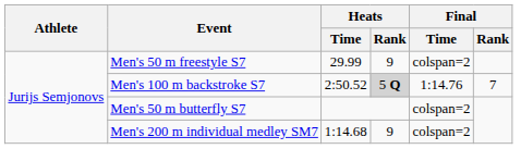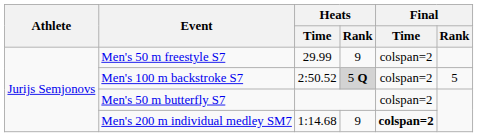 <table class=wikitable style="font-size:90%">
 <tr>
 <th rowspan="2">Athlete</th>
 <th rowspan="2">Event</th>
 <th colspan="2">Heats</th>
 <th colspan="2">Final</th>
 </tr>
 <tr>
 <th>Time</th>
 <th>Rank</th>
 <th>Time</th>
 <th>Rank</th>
 </tr>
 <tr align=center>
 <td rowspan=4 align=left><a href='#'>Jurijs Semjonovs</a></td>
 <td align=left><a href='#'>Men's 50 m freestyle S7</a></td>
 <td>29.99</td>
 <td>9</td>
 <td>colspan=2 </td>
 </tr>
 <tr align=center>
 <td align=left><a href='#'>Men's 100 m backstroke S7</a></td>
 <td>2:50.52</td>
 <td style="background: lightgrey;">5 <strong>Q</strong></td>
-<td>1:14.76</td>
-<td>7</td>
+<td>colspan=2 </td>
+<td>5</td>
 </tr>
 <tr align=center>
 <td align=left><a href='#'>Men's 50 m butterfly S7</a></td>
 <td colspan=2></td>
 <td>colspan=2 </td>
 </tr>
 <tr align=center>
 <td align=left><a href='#'>Men's 200 m individual medley SM7</a></td>
 <td>1:14.68</td>
 <td>9</td>
-<td>colspan=2 </td>
+<td><strong>colspan=2 </strong></td>
 </tr>
 </table>
